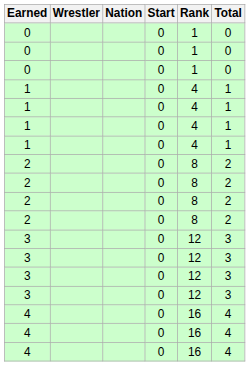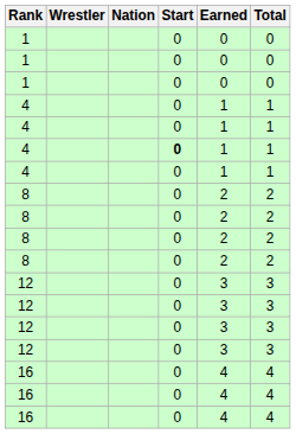 <table class="wikitable sortable" style="text-align:center;">
 <tr>
-<th>Earned</th>
+<th>Rank</th>
 <th>Wrestler</th>
 <th>Nation</th>
 <th>Start</th>
-<th>Rank</th>
+<th>Earned</th>
 <th>Total</th>
 </tr>
 <tr style="background:#cfc;">
-<td>0</td>
+<td>1</td>
 <td align=left></td>
 <td align=left></td>
 <td>0</td>
-<td>1</td>
 <td>0</td>
-</tr>
-<tr style="background:#cfc;">
-<td>0</td>
-<td align=left></td>
-<td align=left></td>
-<td>0</td>
-<td>1</td>
-<td>0</td>
-</tr>
-<tr style="background:#cfc;">
-<td>0</td>
-<td align=left></td>
-<td align=left></td>
-<td>0</td>
-<td>1</td>
 <td>0</td>
 </tr>
 <tr style="background:#cfc;">
 <td>1</td>
 <td align=left></td>
 <td align=left></td>
 <td>0</td>
-<td>4</td>
-<td>1</td>
+<td>0</td>
+<td>0</td>
 </tr>
 <tr style="background:#cfc;">
 <td>1</td>
 <td align=left></td>
 <td align=left></td>
 <td>0</td>
-<td>4</td>
-<td>1</td>
-</tr>
-<tr style="background:#cfc;">
-<td>1</td>
-<td align=left></td>
-<td align=left></td>
 <td>0</td>
-<td>4</td>
-<td>1</td>
-</tr>
-<tr style="background:#cfc;">
-<td>1</td>
-<td align=left></td>
-<td align=left></td>
 <td>0</td>
-<td>4</td>
-<td>1</td>
-</tr>
-<tr style="background:#cfc;">
-<td>2</td>
-<td align=left></td>
-<td align=left></td>
-<td>0</td>
-<td>8</td>
-<td>2</td>
-</tr>
-<tr style="background:#cfc;">
-<td>2</td>
-<td align=left></td>
-<td align=left></td>
-<td>0</td>
-<td>8</td>
-<td>2</td>
-</tr>
-<tr style="background:#cfc;">
-<td>2</td>
-<td align=left></td>
-<td align=left></td>
-<td>0</td>
-<td>8</td>
-<td>2</td>
-</tr>
-<tr style="background:#cfc;">
-<td>2</td>
-<td align=left></td>
-<td align=left></td>
-<td>0</td>
-<td>8</td>
-<td>2</td>
-</tr>
-<tr style="background:#cfc;">
-<td>3</td>
-<td align=left></td>
-<td align=left></td>
-<td>0</td>
-<td>12</td>
-<td>3</td>
-</tr>
-<tr style="background:#cfc;">
-<td>3</td>
-<td align=left></td>
-<td align=left></td>
-<td>0</td>
-<td>12</td>
-<td>3</td>
-</tr>
-<tr style="background:#cfc;">
-<td>3</td>
-<td align=left></td>
-<td align=left></td>
-<td>0</td>
-<td>12</td>
-<td>3</td>
-</tr>
-<tr style="background:#cfc;">
-<td>3</td>
-<td align=left></td>
-<td align=left></td>
-<td>0</td>
-<td>12</td>
-<td>3</td>
 </tr>
 <tr style="background:#cfc;">
 <td>4</td>
 <td align=left></td>
 <td align=left></td>
 <td>0</td>
-<td>16</td>
-<td>4</td>
+<td>1</td>
+<td>1</td>
 </tr>
 <tr style="background:#cfc;">
 <td>4</td>
 <td align=left></td>
 <td align=left></td>
 <td>0</td>
-<td>16</td>
+<td>1</td>
+<td>1</td>
+</tr>
+<tr style="background:#cfc;">
 <td>4</td>
+<td align=left></td>
+<td align=left></td>
+<td><strong>0</strong></td>
+<td>1</td>
+<td>1</td>
 </tr>
 <tr style="background:#cfc;">
 <td>4</td>
 <td align=left></td>
 <td align=left></td>
 <td>0</td>
+<td>1</td>
+<td>1</td>
+</tr>
+<tr style="background:#cfc;">
+<td>8</td>
+<td align=left></td>
+<td align=left></td>
+<td>0</td>
+<td>2</td>
+<td>2</td>
+</tr>
+<tr style="background:#cfc;">
+<td>8</td>
+<td align=left></td>
+<td align=left></td>
+<td>0</td>
+<td>2</td>
+<td>2</td>
+</tr>
+<tr style="background:#cfc;">
+<td>8</td>
+<td align=left></td>
+<td align=left></td>
+<td>0</td>
+<td>2</td>
+<td>2</td>
+</tr>
+<tr style="background:#cfc;">
+<td>8</td>
+<td align=left></td>
+<td align=left></td>
+<td>0</td>
+<td>2</td>
+<td>2</td>
+</tr>
+<tr style="background:#cfc;">
+<td>12</td>
+<td align=left></td>
+<td align=left></td>
+<td>0</td>
+<td>3</td>
+<td>3</td>
+</tr>
+<tr style="background:#cfc;">
+<td>12</td>
+<td align=left></td>
+<td align=left></td>
+<td>0</td>
+<td>3</td>
+<td>3</td>
+</tr>
+<tr style="background:#cfc;">
+<td>12</td>
+<td align=left></td>
+<td align=left></td>
+<td>0</td>
+<td>3</td>
+<td>3</td>
+</tr>
+<tr style="background:#cfc;">
+<td>12</td>
+<td align=left></td>
+<td align=left></td>
+<td>0</td>
+<td>3</td>
+<td>3</td>
+</tr>
+<tr style="background:#cfc;">
 <td>16</td>
+<td align=left></td>
+<td align=left></td>
+<td>0</td>
+<td>4</td>
+<td>4</td>
+</tr>
+<tr style="background:#cfc;">
+<td>16</td>
+<td align=left></td>
+<td align=left></td>
+<td>0</td>
+<td>4</td>
+<td>4</td>
+</tr>
+<tr style="background:#cfc;">
+<td>16</td>
+<td align=left></td>
+<td align=left></td>
+<td>0</td>
+<td>4</td>
 <td>4</td>
 </tr>
 </table>
